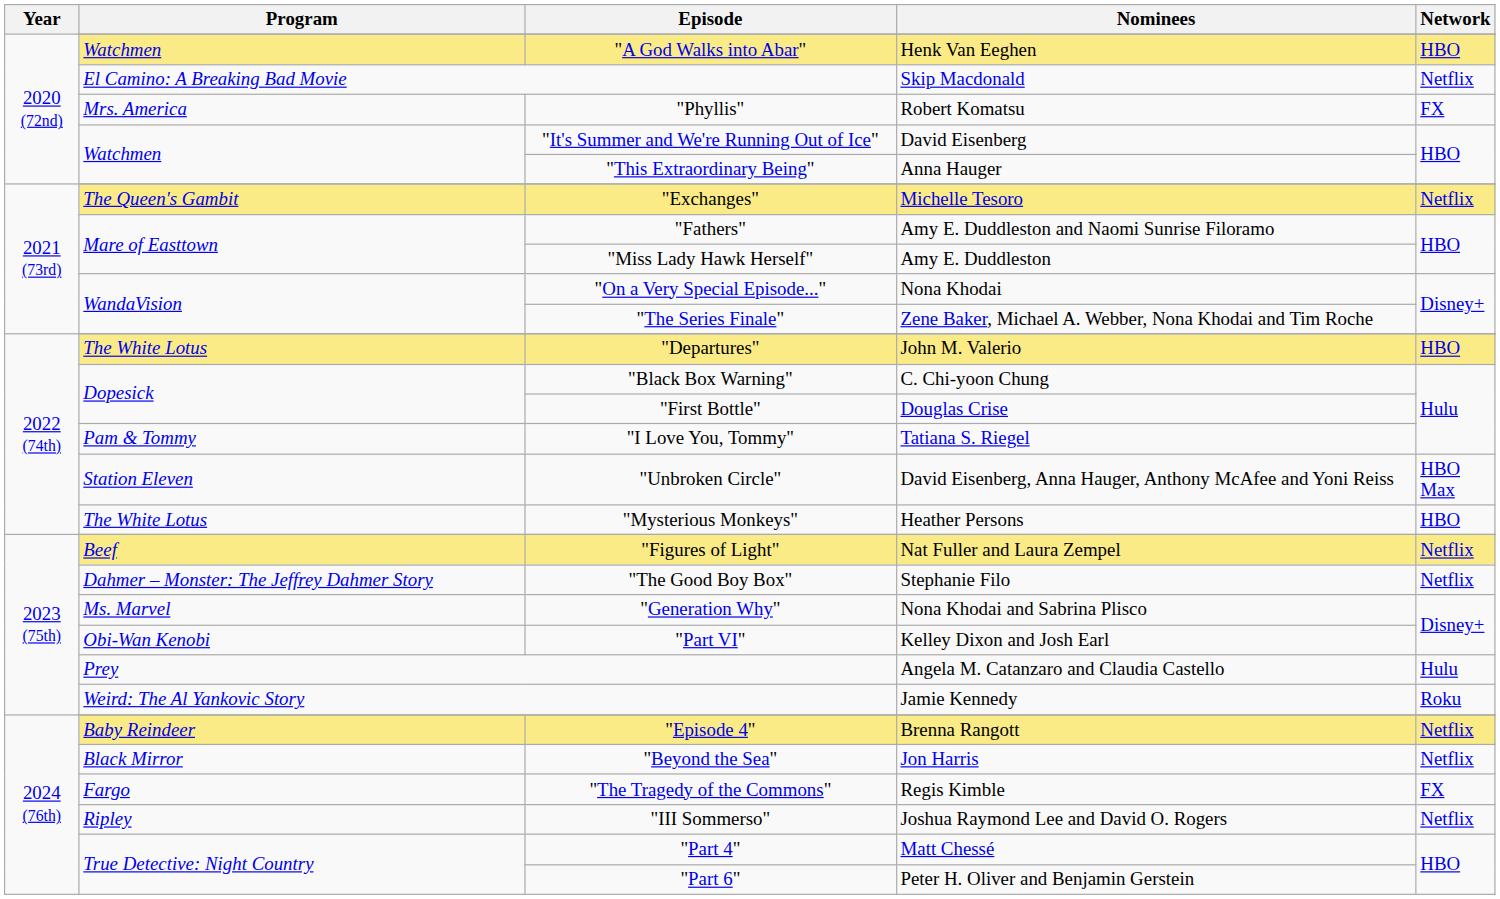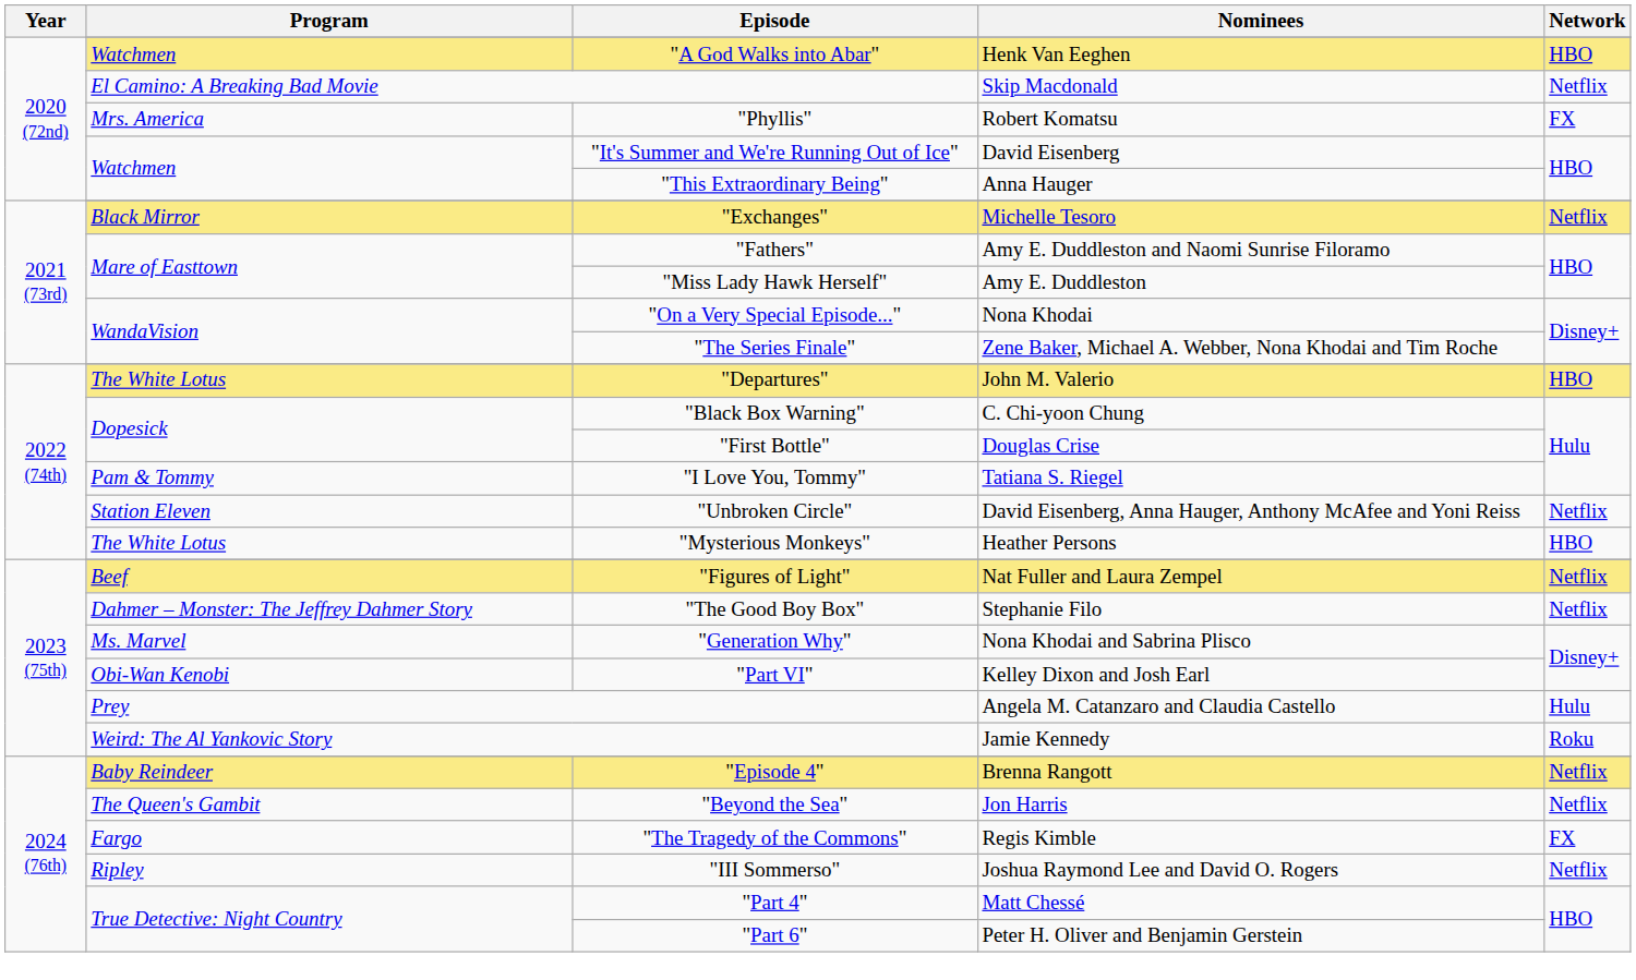 <table class="wikitable" style="width:100%">
 <tr>
 <th width="5%">Year</th>
 <th width="30%">Program</th>
 <th width="25%">Episode</th>
 <th width="35%">Nominees</th>
 <th width="5%">Network</th>
 </tr>
 <tr>
 <td rowspan="6" style="text-align:center;"><a href='#'>2020</a><br><small><a href='#'>(72nd)</a></small><br></td>
 </tr>
 <tr style="background:#FAEB86;">
 <td><em><a href='#'>Watchmen</a></em></td>
 <td align=center>"<a href='#'>A God Walks into Abar</a>"</td>
 <td>Henk Van Eeghen</td>
 <td><a href='#'>HBO</a></td>
 </tr>
 <tr>
 <td colspan=2><em><a href='#'>El Camino: A Breaking Bad Movie</a></em></td>
 <td><a href='#'>Skip Macdonald</a></td>
 <td><a href='#'>Netflix</a></td>
 </tr>
 <tr>
 <td><em><a href='#'>Mrs. America</a></em></td>
 <td align=center>"Phyllis"</td>
 <td>Robert Komatsu</td>
 <td><a href='#'>FX</a></td>
 </tr>
 <tr>
 <td rowspan="2"><em><a href='#'>Watchmen</a></em></td>
 <td align=center>"<a href='#'>It's Summer and We're Running Out of Ice</a>"</td>
 <td>David Eisenberg</td>
 <td rowspan="2"><a href='#'>HBO</a></td>
 </tr>
 <tr>
 <td align=center>"<a href='#'>This Extraordinary Being</a>"</td>
 <td>Anna Hauger</td>
 </tr>
 <tr>
 <td rowspan="6" style="text-align:center;"><a href='#'>2021</a><br><small><a href='#'>(73rd)</a></small><br></td>
 </tr>
 <tr style="background:#FAEB86;">
-<td><em><a href='#'>The Queen's Gambit</a></em></td>
+<td><em><a href='#'>Black Mirror</a></em></td>
 <td align=center>"Exchanges"</td>
 <td><a href='#'>Michelle Tesoro</a></td>
 <td><a href='#'>Netflix</a></td>
 </tr>
 <tr>
 <td rowspan="2"><em><a href='#'>Mare of Easttown</a></em></td>
 <td align=center>"Fathers"</td>
 <td>Amy E. Duddleston and Naomi Sunrise Filoramo</td>
 <td rowspan="2"><a href='#'>HBO</a></td>
 </tr>
 <tr>
 <td align=center>"Miss Lady Hawk Herself"</td>
 <td>Amy E. Duddleston</td>
 </tr>
 <tr>
 <td rowspan="2"><em><a href='#'>WandaVision</a></em></td>
 <td align=center>"<a href='#'>On a Very Special Episode...</a>"</td>
 <td>Nona Khodai</td>
 <td rowspan="2"><a href='#'>Disney+</a></td>
 </tr>
 <tr>
 <td align=center>"<a href='#'>The Series Finale</a>"</td>
 <td><a href='#'>Zene Baker</a>, Michael A. Webber, Nona Khodai and Tim Roche</td>
 </tr>
 <tr>
 <td rowspan="7" style="text-align:center;"><a href='#'>2022</a><br><small><a href='#'>(74th)</a></small><br></td>
 </tr>
 <tr style="background:#FAEB86;">
 <td><em><a href='#'>The White Lotus</a></em></td>
 <td align=center>"Departures"</td>
 <td>John M. Valerio</td>
 <td><a href='#'>HBO</a></td>
 </tr>
 <tr>
 <td rowspan="2"><em><a href='#'>Dopesick</a></em></td>
 <td align=center>"Black Box Warning"</td>
 <td>C. Chi-yoon Chung</td>
 <td rowspan="3"><a href='#'>Hulu</a></td>
 </tr>
 <tr>
 <td align=center>"First Bottle"</td>
 <td><a href='#'>Douglas Crise</a></td>
 </tr>
 <tr>
 <td><em><a href='#'>Pam & Tommy</a></em></td>
 <td align=center>"I Love You, Tommy"</td>
 <td><a href='#'>Tatiana S. Riegel</a></td>
 </tr>
 <tr>
 <td><em><a href='#'>Station Eleven</a></em></td>
 <td align=center>"Unbroken Circle"</td>
 <td>David Eisenberg, Anna Hauger, Anthony McAfee and Yoni Reiss</td>
-<td><a href='#'>HBO Max</a></td>
+<td><a href='#'>Netflix</a></td>
 </tr>
 <tr>
 <td><em><a href='#'>The White Lotus</a></em></td>
 <td align=center>"Mysterious Monkeys"</td>
 <td>Heather Persons</td>
 <td><a href='#'>HBO</a></td>
 </tr>
 <tr>
 <td rowspan="7" style="text-align:center;"><a href='#'>2023</a><br><small><a href='#'>(75th)</a></small><br></td>
 </tr>
 <tr style="background:#FAEB86;">
 <td><em><a href='#'>Beef</a></em></td>
 <td align=center>"Figures of Light"</td>
 <td>Nat Fuller and Laura Zempel</td>
 <td><a href='#'>Netflix</a></td>
 </tr>
 <tr>
 <td><em><a href='#'>Dahmer – Monster: The Jeffrey Dahmer Story</a></em></td>
 <td align=center>"The Good Boy Box"</td>
 <td>Stephanie Filo</td>
 <td><a href='#'>Netflix</a></td>
 </tr>
 <tr>
 <td><em><a href='#'>Ms. Marvel</a></em></td>
 <td align=center>"<a href='#'>Generation Why</a>"</td>
 <td>Nona Khodai and Sabrina Plisco</td>
 <td rowspan="2"><a href='#'>Disney+</a></td>
 </tr>
 <tr>
 <td><em><a href='#'>Obi-Wan Kenobi</a></em></td>
 <td align=center>"<a href='#'>Part VI</a>"</td>
 <td>Kelley Dixon and Josh Earl</td>
 </tr>
 <tr>
 <td colspan="2"><em><a href='#'>Prey</a></em></td>
 <td>Angela M. Catanzaro and Claudia Castello</td>
 <td><a href='#'>Hulu</a></td>
 </tr>
 <tr>
 <td colspan="2"><em><a href='#'>Weird: The Al Yankovic Story</a></em></td>
 <td>Jamie Kennedy</td>
 <td><a href='#'>Roku</a></td>
 </tr>
 <tr>
 <td rowspan="7" style="text-align:center;"><a href='#'>2024</a><br><small><a href='#'>(76th)</a></small><br></td>
 </tr>
 <tr style="background:#FAEB86;">
 <td><em><a href='#'>Baby Reindeer</a></em></td>
 <td align=center>"<a href='#'>Episode 4</a>"</td>
 <td>Brenna Rangott</td>
 <td><a href='#'>Netflix</a></td>
 </tr>
 <tr>
-<td><em><a href='#'>Black Mirror</a></em></td>
+<td><em><a href='#'>The Queen's Gambit</a></em></td>
 <td align=center>"<a href='#'>Beyond the Sea</a>"</td>
 <td><a href='#'>Jon Harris</a></td>
 <td><a href='#'>Netflix</a></td>
 </tr>
 <tr>
 <td><em><a href='#'>Fargo</a></em></td>
 <td align=center>"<a href='#'>The Tragedy of the Commons</a>"</td>
 <td>Regis Kimble</td>
 <td><a href='#'>FX</a></td>
 </tr>
 <tr>
 <td><em><a href='#'>Ripley</a></em></td>
 <td align=center>"III Sommerso"</td>
 <td>Joshua Raymond Lee and David O. Rogers</td>
 <td><a href='#'>Netflix</a></td>
 </tr>
 <tr>
 <td rowspan="2"><em><a href='#'>True Detective: Night Country</a></em></td>
 <td align=center>"<a href='#'>Part 4</a>"</td>
 <td><a href='#'>Matt Chessé</a></td>
 <td rowspan="2"><a href='#'>HBO</a></td>
 </tr>
 <tr>
 <td align=center>"<a href='#'>Part 6</a>"</td>
 <td>Peter H. Oliver and Benjamin Gerstein</td>
 </tr>
 </table>
